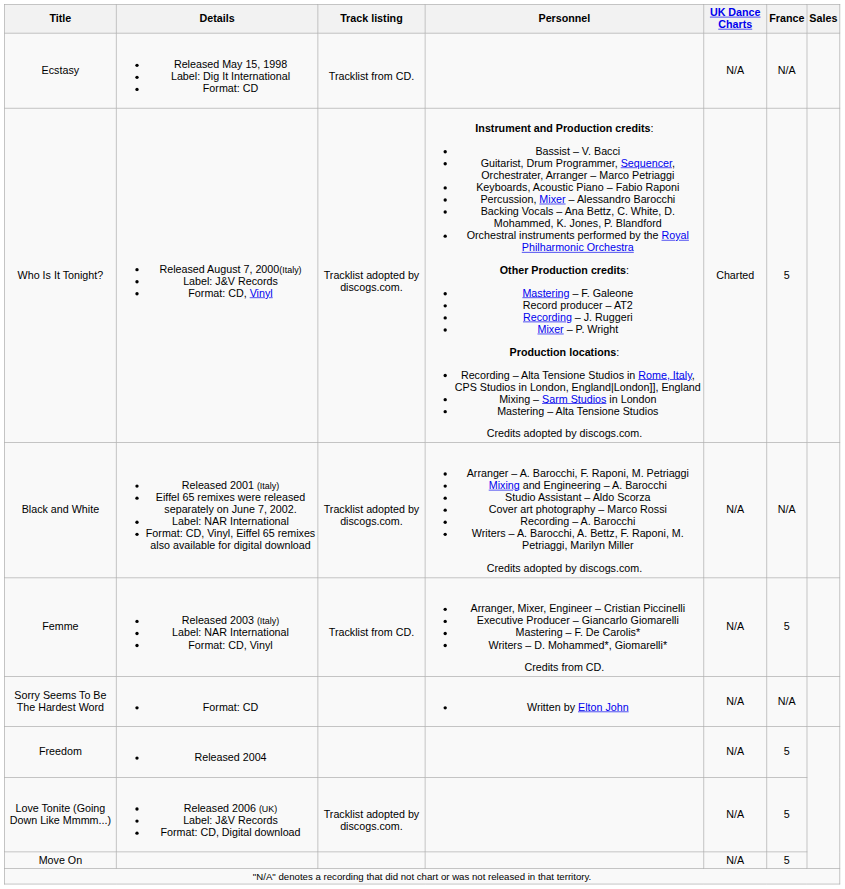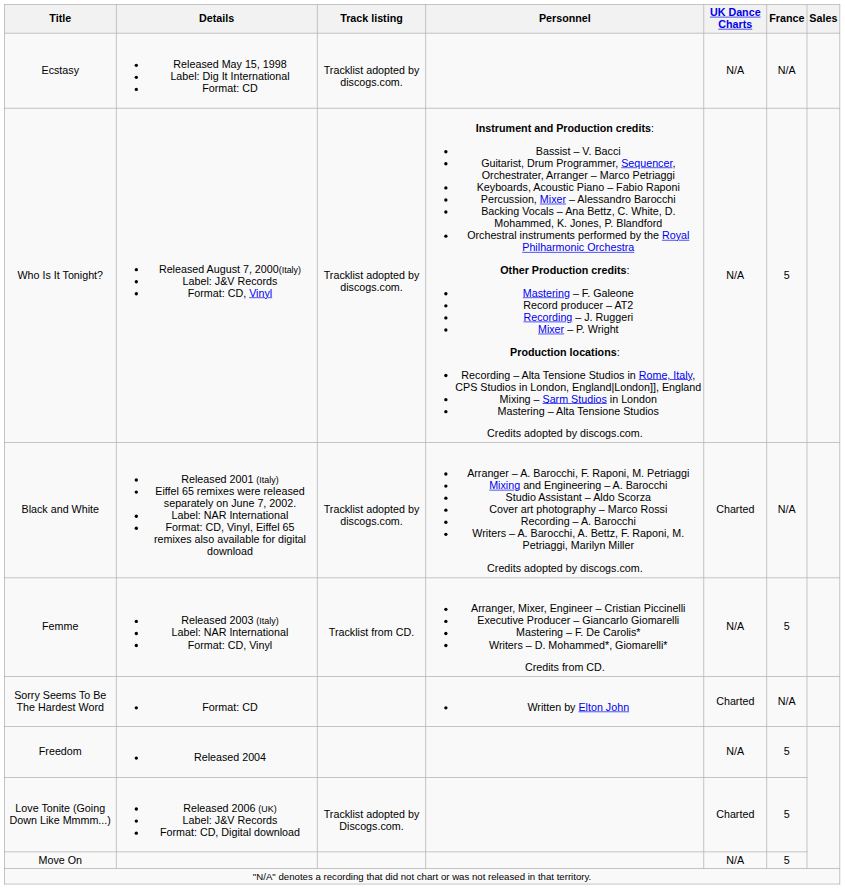 <table class="wikitable plainrowheaders" style="text-align:center;">
 <tr>
 <th>Title</th>
 <th>Details</th>
 <th>Track listing</th>
 <th>Personnel</th>
 <th><a href='#'>UK Dance Charts</a></th>
 <th>France</th>
 <th>Sales</th>
 </tr>
 <tr>
 <td>Ecstasy</td>
 <td><br><ul><li>Released May 15, 1998</li><li>Label: Dig It International</li><li>Format: CD</li></ul></td>
-<td><br> Tracklist from CD.</td>
+<td><br> Tracklist adopted by discogs.com.</td>
 <td></td>
 <td>N/A</td>
 <td>N/A</td>
 <td></td>
 </tr>
 <tr>
 <td>Who Is It Tonight?</td>
 <td><br><ul><li>Released August 7, 2000<small>(Italy)</small></li><li>Label: J&V Records</li><li>Format: CD, <a href='#'>Vinyl</a></li></ul></td>
 <td><br> Tracklist adopted by discogs.com.</td>
 <td><br><strong>Instrument and Production credits</strong>:<ul><li>Bassist – V. Bacci</li><li>Guitarist, Drum Programmer, <a href='#'>Sequencer</a>, Orchestrater, Arranger – Marco Petriaggi</li><li>Keyboards, Acoustic Piano – Fabio Raponi</li><li>Percussion, <a href='#'>Mixer</a> – Alessandro Barocchi</li><li>Backing Vocals – Ana Bettz, C. White, D. Mohammed, K. Jones, P. Blandford</li><li>Orchestral instruments performed by the <a href='#'>Royal Philharmonic Orchestra</a></li></ul><strong>Other Production credits</strong>:<ul><li><a href='#'>Mastering</a> – F. Galeone</li><li>Record producer – AT2</li><li><a href='#'>Recording</a> – J. Ruggeri</li><li><a href='#'>Mixer</a> – P. Wright</li></ul><strong>Production locations</strong>:<ul><li>Recording – Alta Tensione Studios in <a href='#'>Rome, Italy</a>, CPS Studios in London, England|London]], England</li><li>Mixing – <a href='#'>Sarm Studios</a> in London</li><li>Mastering – Alta Tensione Studios</li></ul>Credits adopted by discogs.com.</td>
-<td>Charted</td>
+<td>N/A</td>
 <td>5</td>
 <td></td>
 </tr>
 <tr>
 <td>Black and White</td>
 <td><br><ul><li>Released 2001 <small>(Italy)</small></li><li>Eiffel 65 remixes were released separately on June 7, 2002.</li><li>Label: NAR International</li><li>Format: CD, Vinyl, Eiffel 65 remixes also available for digital download</li></ul></td>
 <td><br> Tracklist adopted by discogs.com.</td>
 <td><br><ul><li>Arranger – A. Barocchi, F. Raponi, M. Petriaggi</li><li><a href='#'>Mixing</a> and Engineering – A. Barocchi</li><li>Studio Assistant – Aldo Scorza</li><li>Cover art photography – Marco Rossi</li><li>Recording – A. Barocchi</li><li>Writers – A. Barocchi, A. Bettz, F. Raponi, M. Petriaggi, Marilyn Miller</li></ul>Credits adopted by discogs.com.</td>
-<td>N/A</td>
+<td>Charted</td>
 <td>N/A</td>
 </tr>
 <tr>
 <td>Femme</td>
 <td><br><ul><li>Released 2003 <small>(Italy)</small></li><li>Label: NAR International</li><li>Format: CD, Vinyl</li></ul></td>
 <td><br> Tracklist from CD.<br></td>
 <td><br><ul><li>Arranger, Mixer, Engineer – Cristian Piccinelli</li><li>Executive Producer – Giancarlo Giomarelli</li><li>Mastering – F. De Carolis*</li><li>Writers – D. Mohammed*, Giomarelli*</li></ul>Credits from CD.</td>
 <td>N/A</td>
 <td>5</td>
 <td></td>
 </tr>
 <tr>
 <td>Sorry Seems To Be The Hardest Word</td>
 <td><br><ul><li>Format: CD</li></ul></td>
 <td></td>
 <td><br><ul><li>Written by <a href='#'>Elton John</a></li></ul></td>
-<td>N/A</td>
+<td>Charted</td>
 <td>N/A</td>
 <td></td>
 </tr>
 <tr>
 <td>Freedom</td>
 <td><br><ul><li>Released 2004</li></ul></td>
 <td></td>
 <td></td>
 <td>N/A</td>
 <td>5</td>
 </tr>
 <tr>
 <td>Love Tonite (Going Down Like Mmmm...)</td>
 <td><br><ul><li>Released 2006 <small>(UK)</small></li><li>Label: J&V Records</li><li>Format: CD, Digital download</li></ul></td>
-<td><br> Tracklist adopted by discogs.com.</td>
+<td><br>Tracklist adopted by Discogs.com.</td>
 <td></td>
-<td>N/A</td>
+<td>Charted</td>
 <td>5</td>
 </tr>
 <tr>
 <td>Move On</td>
 <td></td>
 <td></td>
 <td></td>
 <td>N/A</td>
 <td>5</td>
 </tr>
 <tr>
 <td colspan="14" style="font-size:90%">"N/A" denotes a recording that did not chart or was not released in that territory.</td>
 </tr>
 </table>
